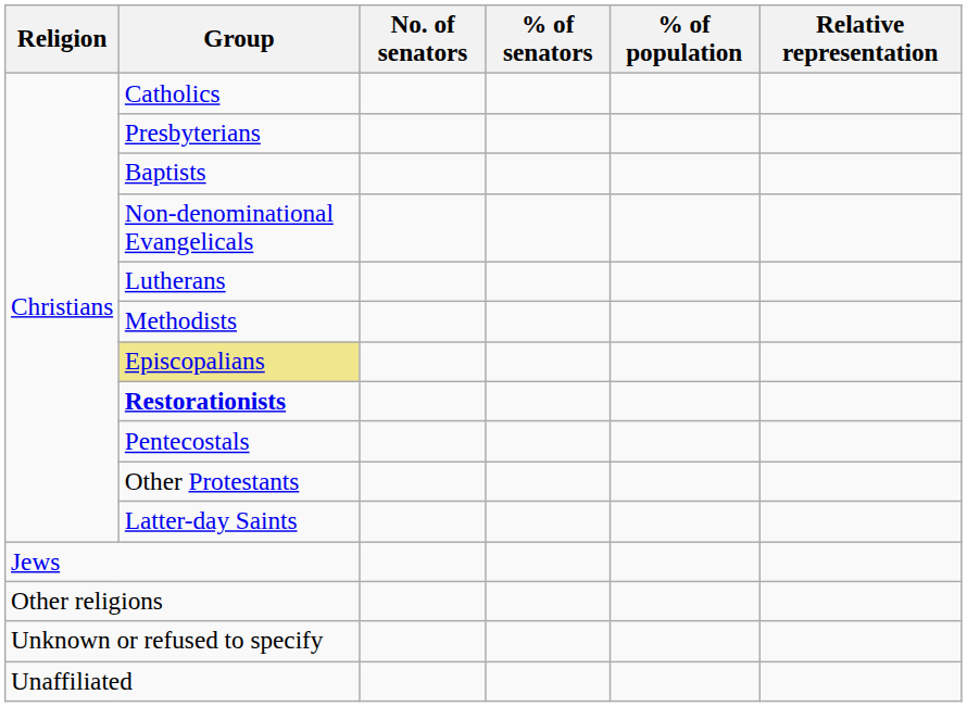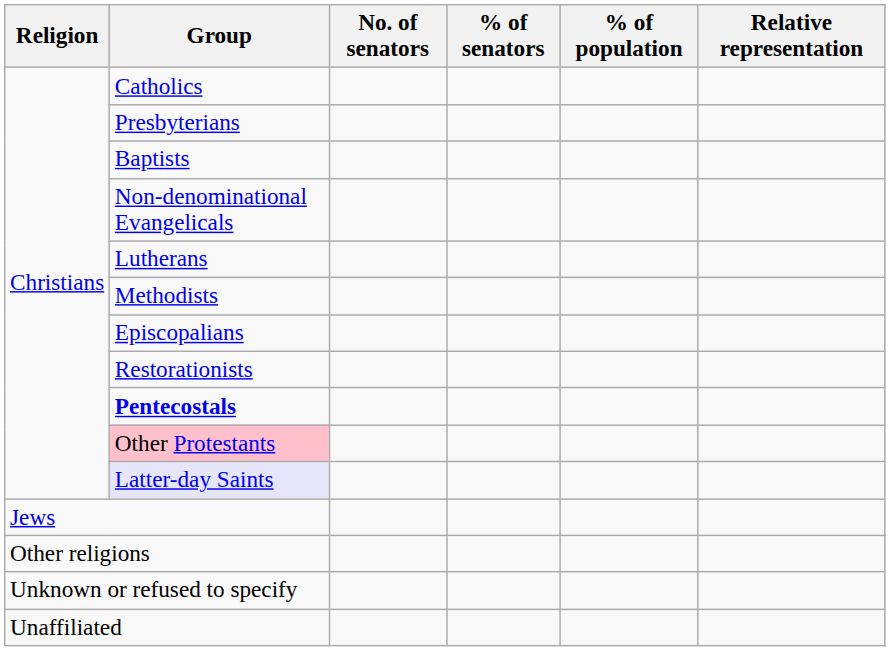 <table class="wikitable sortable">
 <tr>
 <th>Religion</th>
 <th>Group</th>
 <th>No. of senators</th>
 <th>% of senators</th>
 <th>% of population</th>
 <th>Relative representation</th>
 </tr>
 <tr>
 <td rowspan=11><a href='#'>Christians</a></td>
 <td><a href='#'>Catholics</a></td>
 <td></td>
 <td></td>
 <td></td>
 <td></td>
 </tr>
 <tr>
 <td><a href='#'>Presbyterians</a></td>
 <td></td>
 <td></td>
 <td></td>
 <td></td>
 </tr>
 <tr>
 <td><a href='#'>Baptists</a></td>
 <td></td>
 <td></td>
 <td></td>
 <td></td>
 </tr>
 <tr>
 <td><a href='#'>Non-denominational</a> <a href='#'>Evangelicals</a></td>
 <td></td>
 <td></td>
 <td></td>
 <td></td>
 </tr>
 <tr>
 <td><a href='#'>Lutherans</a></td>
 <td></td>
 <td></td>
 <td></td>
 <td></td>
 </tr>
 <tr>
 <td><a href='#'>Methodists</a></td>
 <td></td>
 <td></td>
 <td></td>
 <td></td>
 </tr>
 <tr>
-<td style="background: khaki;"><a href='#'>Episcopalians</a></td>
+<td><a href='#'>Episcopalians</a></td>
 <td></td>
 <td></td>
 <td></td>
 <td></td>
 </tr>
 <tr>
-<td><strong><a href='#'>Restorationists</a></strong></td>
+<td><a href='#'>Restorationists</a></td>
 <td></td>
 <td></td>
 <td></td>
 <td></td>
 </tr>
 <tr>
-<td><a href='#'>Pentecostals</a></td>
+<td><strong><a href='#'>Pentecostals</a></strong></td>
 <td></td>
 <td></td>
 <td></td>
 <td></td>
 </tr>
 <tr>
-<td>Other <a href='#'>Protestants</a></td>
+<td style="background: pink;">Other <a href='#'>Protestants</a></td>
 <td></td>
 <td></td>
 <td></td>
 <td></td>
 </tr>
 <tr>
-<td><a href='#'>Latter-day Saints</a></td>
+<td style="background: lavender;"><a href='#'>Latter-day Saints</a></td>
 <td></td>
 <td></td>
 <td></td>
 <td></td>
 </tr>
 <tr>
 <td colspan=2; position=center><a href='#'>Jews</a></td>
 <td></td>
 <td></td>
 <td></td>
 <td></td>
 </tr>
 <tr>
 <td colspan=2; position=center>Other religions</td>
 <td></td>
 <td></td>
 <td></td>
 <td></td>
 </tr>
 <tr>
 <td colspan=2; position=center>Unknown or refused to specify</td>
 <td></td>
 <td></td>
 <td></td>
 <td></td>
 </tr>
 <tr>
 <td colspan=2; position=center>Unaffiliated</td>
 <td></td>
 <td></td>
 <td></td>
 <td></td>
 </tr>
 </table>
